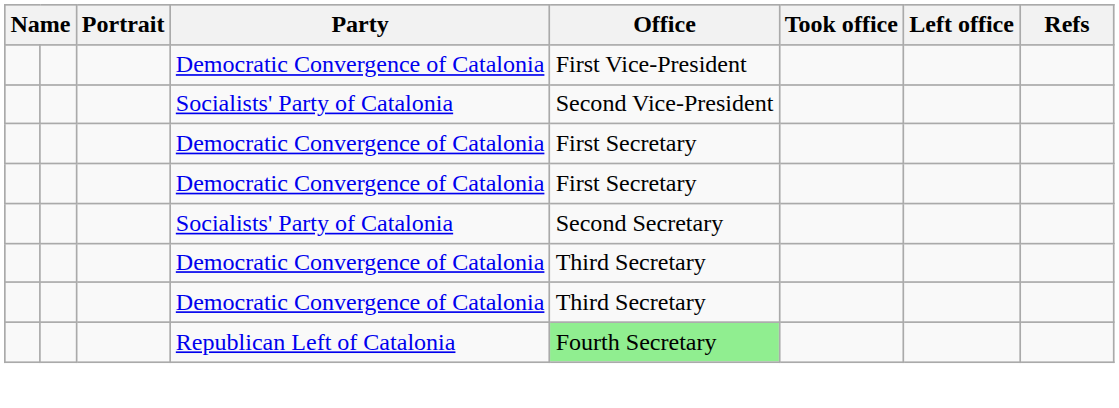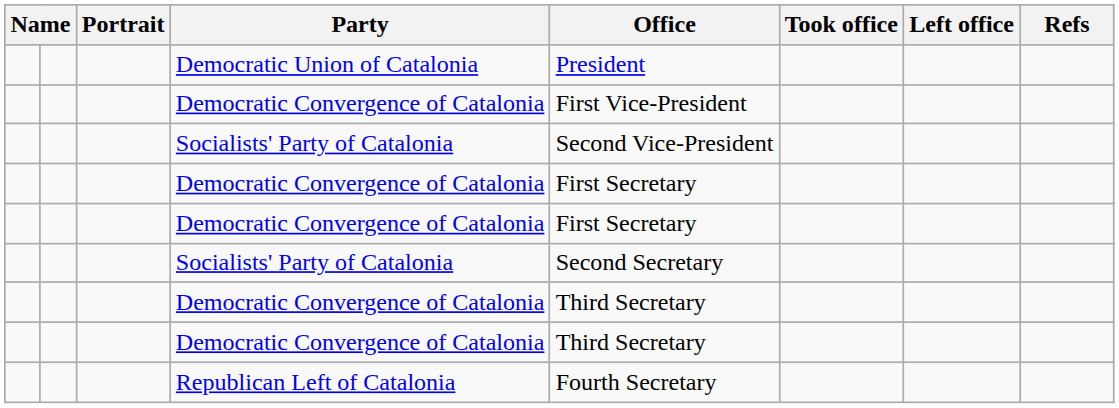 <table class="wikitable plainrowheaders sortable mw-collapsible mw-collapsed" style="font-size:90%; text-align:left;">
 <tr>
 <th scope=col colspan="2">Name</th>
 <th scope=col class=unsortable>Portrait</th>
 <th scope=col>Party</th>
 <th scope=col>Office</th>
 <th scope=col>Took office</th>
 <th scope=col>Left office</th>
 <th scope=col width=50px class=unsortable>Refs</th>
+</tr>
+<tr>
+<td !align="center" style="background:"></td>
+<td></td>
+<td align=center></td>
+<td><a href='#'>Democratic Union of Catalonia</a></td>
+<td><a href='#'>President</a></td>
+<td align=center></td>
+<td align=center></td>
+<td align=center></td>
 </tr>
 <tr>
 <td !align="center" style="background:"></td>
 <td></td>
 <td align=center></td>
 <td><a href='#'>Democratic Convergence of Catalonia</a></td>
 <td>First Vice-President</td>
 <td align=center></td>
 <td align=center></td>
 <td align=center></td>
 </tr>
 <tr>
 <td !align="center" style="background:"></td>
 <td></td>
 <td align=center></td>
 <td><a href='#'>Socialists' Party of Catalonia</a></td>
 <td>Second Vice-President</td>
 <td align=center></td>
 <td align=center></td>
 <td align=center></td>
 </tr>
 <tr>
 <td !align="center" style="background:"></td>
 <td></td>
 <td align=center></td>
 <td><a href='#'>Democratic Convergence of Catalonia</a></td>
 <td>First Secretary</td>
 <td align=center></td>
 <td align=center></td>
 <td align=center></td>
 </tr>
 <tr>
 <td !align="center" style="background:"></td>
 <td></td>
 <td align=center></td>
 <td><a href='#'>Democratic Convergence of Catalonia</a></td>
 <td>First Secretary</td>
 <td align=center></td>
 <td align=center></td>
 <td align=center></td>
 </tr>
 <tr>
 <td !align="center" style="background:"></td>
 <td></td>
 <td align=center></td>
 <td><a href='#'>Socialists' Party of Catalonia</a></td>
 <td>Second Secretary</td>
 <td align=center></td>
 <td align=center></td>
 <td align=center></td>
 </tr>
 <tr>
 <td !align="center" style="background:"></td>
 <td></td>
 <td align=center></td>
 <td><a href='#'>Democratic Convergence of Catalonia</a></td>
 <td>Third Secretary</td>
 <td align=center></td>
 <td align=center></td>
 <td align=center></td>
 </tr>
 <tr>
 <td !align="center" style="background:"></td>
 <td></td>
 <td align=center></td>
 <td><a href='#'>Democratic Convergence of Catalonia</a></td>
 <td>Third Secretary</td>
 <td align=center></td>
 <td align=center></td>
 <td align=center></td>
 </tr>
 <tr>
 <td !align="center" style="background:"></td>
 <td></td>
 <td align=center></td>
 <td><a href='#'>Republican Left of Catalonia</a></td>
-<td style="background: lightgreen;">Fourth Secretary</td>
+<td>Fourth Secretary</td>
 <td align=center></td>
 <td align=center></td>
 <td align=center></td>
 </tr>
 </table>
